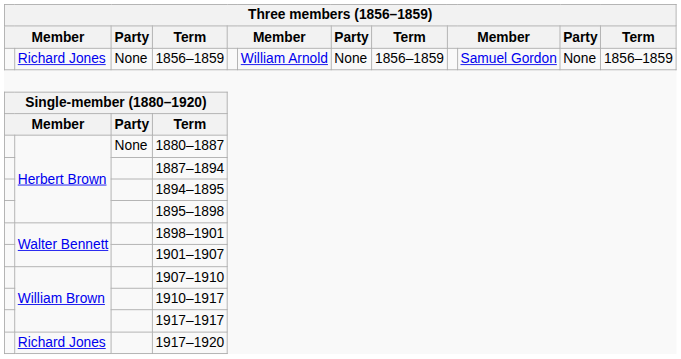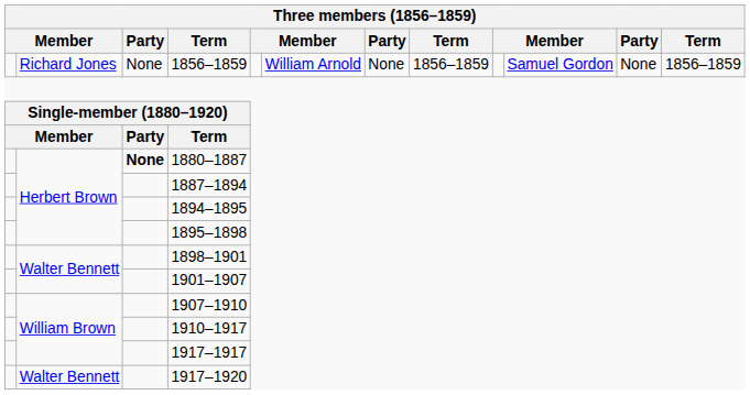 <table class="wikitable" style='border-style: none none none none;'>
 <tr>
 <th colspan="12">Three members (1856–1859)</th>
 </tr>
 <tr>
 <th colspan="2">Member</th>
 <th>Party</th>
 <th>Term</th>
 <th colspan="2">Member</th>
 <th>Party</th>
 <th>Term</th>
 <th colspan="2">Member</th>
 <th>Party</th>
 <th>Term</th>
 </tr>
 <tr style="background: #f9f9f9">
 <td> </td>
 <td><a href='#'>Richard Jones</a></td>
 <td>None</td>
 <td>1856–1859</td>
 <td> </td>
 <td><a href='#'>William Arnold</a></td>
 <td>None</td>
 <td>1856–1859</td>
 <td> </td>
 <td><a href='#'>Samuel Gordon</a></td>
 <td>None</td>
 <td>1856–1859</td>
 </tr>
 <tr>
 <td colspan="4" style='border-style: none none none none;'> </td>
 </tr>
 <tr>
 <th colspan="4">Single-member (1880–1920)</th>
 </tr>
 <tr>
 <th colspan="2">Member</th>
 <th>Party</th>
 <th>Term</th>
 </tr>
 <tr style="background: #f9f9f9">
 <td> </td>
 <td rowspan="4"><a href='#'>Herbert Brown</a></td>
-<td>None</td>
+<td><strong>None</strong></td>
 <td>1880–1887</td>
 </tr>
 <tr style="background: #f9f9f9">
 <td> </td>
 <td></td>
 <td>1887–1894</td>
 </tr>
 <tr style="background: #f9f9f9">
 <td> </td>
 <td></td>
 <td>1894–1895</td>
 </tr>
 <tr style="background: #f9f9f9">
 <td> </td>
 <td></td>
 <td>1895–1898</td>
 </tr>
 <tr style="background: #f9f9f9">
 <td> </td>
 <td rowspan="2"><a href='#'>Walter Bennett</a></td>
 <td></td>
 <td>1898–1901</td>
 </tr>
 <tr style="background: #f9f9f9">
 <td> </td>
 <td></td>
 <td>1901–1907</td>
 </tr>
 <tr style="background: #f9f9f9">
 <td> </td>
 <td rowspan="3"><a href='#'>William Brown</a></td>
 <td></td>
 <td>1907–1910</td>
 </tr>
 <tr style="background: #f9f9f9">
 <td> </td>
 <td></td>
 <td>1910–1917</td>
 </tr>
 <tr style="background: #f9f9f9">
 <td> </td>
 <td></td>
 <td>1917–1917</td>
 </tr>
 <tr style="background: #f9f9f9">
 <td> </td>
-<td><a href='#'>Richard Jones</a></td>
+<td><a href='#'>Walter Bennett</a></td>
 <td></td>
 <td>1917–1920</td>
 </tr>
 </table>
